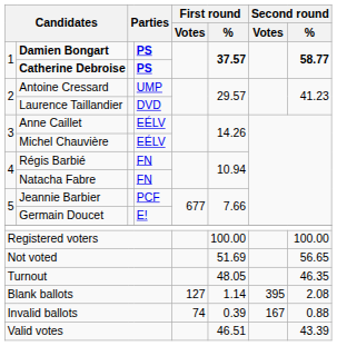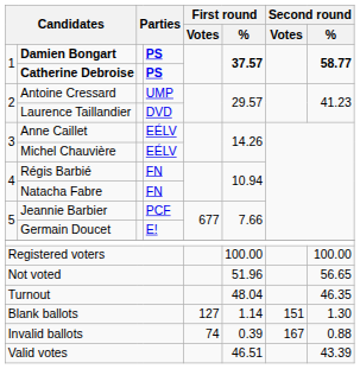 <table class="wikitable centre">
 <tr>
 <th scope="col" rowspan=2 colspan=2>Candidates</th>
 <th scope="col" rowspan=2 colspan=2>Parties</th>
 <th scope="col" colspan=2>First round</th>
 <th scope="col" colspan=2>Second round</th>
 </tr>
 <tr>
 <th scope="col">Votes</th>
 <th scope="col">%</th>
 <th scope="col">Votes</th>
 <th scope="col">%</th>
 </tr>
 <tr>
 <td rowspan=2>1</td>
 <td><strong>Damien Bongart</strong></td>
 <td style="background-color: "></td>
 <td><strong><a href='#'>PS</a></strong></td>
 <td rowspan=2 style="text-align: right"><strong></strong></td>
 <td rowspan=2 style="text-align: right"><strong>37.57</strong></td>
 <td rowspan=2 style="text-align: right"><strong></strong></td>
 <td rowspan=2 style="text-align: right"><strong>58.77</strong></td>
 </tr>
 <tr>
 <td><strong>Catherine Debroise</strong></td>
 <td style="background-color: "></td>
 <td><strong><a href='#'>PS</a></strong></td>
 </tr>
 <tr>
 <td rowspan=2>2</td>
 <td>Antoine Cressard</td>
 <td style="background-color: "></td>
 <td><a href='#'>UMP</a></td>
 <td rowspan=2 style="text-align: right"></td>
 <td rowspan=2 style="text-align: right">29.57</td>
 <td rowspan=2 style="text-align: right"></td>
 <td rowspan=2 style="text-align: right">41.23</td>
 </tr>
 <tr>
 <td>Laurence Taillandier</td>
 <td style="background-color: "></td>
 <td><a href='#'>DVD</a></td>
 </tr>
 <tr>
 <td rowspan=2>3</td>
 <td>Anne Caillet</td>
 <td style="background-color: "></td>
 <td><a href='#'>EÉLV</a></td>
 <td rowspan=2 style="text-align: right"></td>
 <td rowspan=2 style="text-align: right">14.26</td>
 <td colspan="2" rowspan="6" style="text-align: right"></td>
 </tr>
 <tr>
 <td>Michel Chauvière</td>
 <td style="background-color: "></td>
 <td><a href='#'>EÉLV</a></td>
 </tr>
 <tr>
 <td rowspan=2>4</td>
 <td>Régis Barbié</td>
 <td style="background-color: "></td>
 <td><a href='#'>FN</a></td>
 <td rowspan=2 style="text-align: right"></td>
 <td rowspan=2 style="text-align: right">10.94</td>
 </tr>
 <tr>
 <td>Natacha Fabre</td>
 <td style="background-color: "></td>
 <td><a href='#'>FN</a></td>
 </tr>
 <tr>
 <td rowspan=2>5</td>
 <td>Jeannie Barbier</td>
 <td style="background-color: "></td>
 <td><a href='#'>PCF</a></td>
 <td rowspan=2 style="text-align: right">677</td>
 <td rowspan=2 style="text-align: right">7.66</td>
 </tr>
 <tr>
 <td>Germain Doucet</td>
 <td style="background-color: "></td>
 <td><a href='#'>E!</a></td>
 </tr>
 <tr>
 </tr>
 <tr bgcolor=white>
 <td colspan=8></td>
 </tr>
 <tr>
 <td colspan=4>Registered voters</td>
 <td style="text-align: right"></td>
 <td style="text-align: right">100.00</td>
 <td style="text-align: right"></td>
 <td style="text-align: right">100.00</td>
 </tr>
 <tr>
 <td colspan=4>Not voted</td>
 <td style="text-align: right"></td>
-<td style="text-align: right">51.69</td>
+<td style="text-align: right">51.96</td>
 <td style="text-align: right"></td>
 <td style="text-align: right">56.65</td>
 </tr>
 <tr>
 <td colspan=4>Turnout</td>
 <td style="text-align: right"></td>
-<td style="text-align: right">48.05</td>
+<td style="text-align: right">48.04</td>
 <td style="text-align: right"></td>
 <td style="text-align: right">46.35</td>
 </tr>
 <tr>
 <td colspan=4>Blank ballots</td>
 <td style="text-align: right">127</td>
 <td style="text-align: right">1.14</td>
-<td style="text-align: right">395</td>
-<td style="text-align: right">2.08</td>
+<td style="text-align: right">151</td>
+<td style="text-align: right">1.30</td>
 </tr>
 <tr>
 <td colspan=4>Invalid ballots</td>
 <td style="text-align: right">74</td>
 <td style="text-align: right">0.39</td>
 <td style="text-align: right">167</td>
 <td style="text-align: right">0.88</td>
 </tr>
 <tr>
 <td colspan=4>Valid votes</td>
 <td style="text-align: right"></td>
 <td style="text-align: right">46.51</td>
 <td style="text-align: right"></td>
 <td style="text-align: right">43.39</td>
 </tr>
 </table>
